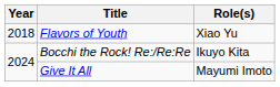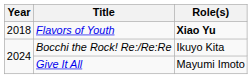 <table class="wikitable">
 <tr>
 <th>Year</th>
 <th>Title</th>
 <th>Role(s)</th>
 </tr>
 <tr>
 <td>2018</td>
 <td><em><a href='#'>Flavors of Youth</a></em></td>
-<td>Xiao Yu</td>
+<td><strong>Xiao Yu</strong></td>
 </tr>
 <tr>
 <td rowspan="2">2024</td>
 <td><em>Bocchi the Rock! Re:/Re:Re</em></td>
 <td>Ikuyo Kita</td>
 </tr>
 <tr>
 <td><em><a href='#'>Give It All</a></em></td>
 <td>Mayumi Imoto</td>
 </tr>
 </table>
